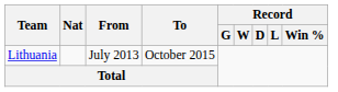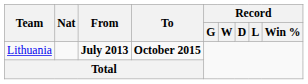 <table class="wikitable" style="text-align: center">
 <tr>
 <th rowspan="2">Team</th>
 <th rowspan="2">Nat</th>
 <th rowspan="2">From</th>
 <th rowspan="2">To</th>
 <th colspan="5">Record</th>
 </tr>
 <tr>
 <th>G</th>
 <th>W</th>
 <th>D</th>
 <th>L</th>
 <th>Win %</th>
 </tr>
 <tr>
 <td align=left><a href='#'>Lithuania</a></td>
 <td></td>
-<td align=left>July 2013</td>
-<td align=left>October 2015<br></td>
+<td align=left><strong>July 2013</strong></td>
+<td align=left><strong>October 2015<br></strong></td>
 </tr>
 <tr>
 <th colspan="4">Total<br></th>
 </tr>
 </table>
